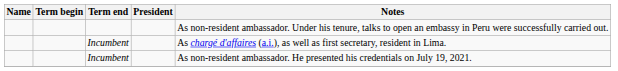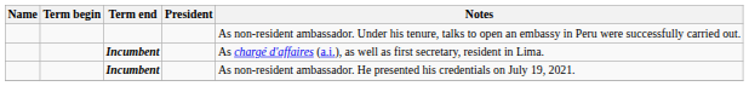 <table class="wikitable sortable"  text-align:center;">
 <tr>
 <th>Name</th>
 <th>Term begin</th>
 <th>Term end</th>
 <th>President</th>
 <th class="unsortable">Notes</th>
 </tr>
 <tr>
 <td></td>
 <td></td>
 <td></td>
 <td></td>
 <td>As non-resident ambassador. Under his tenure, talks to open an embassy in Peru were successfully carried out.</td>
 </tr>
 <tr>
 <td></td>
 <td></td>
-<td><em>Incumbent</em></td>
+<td><strong><em>Incumbent</em></strong></td>
 <td></td>
 <td>As <em><a href='#'>chargé d'affaires</a></em> (<a href='#'>a.i.</a>), as well as first secretary, resident in Lima.</td>
 </tr>
 <tr>
 <td></td>
 <td></td>
-<td><em>Incumbent</em></td>
+<td><strong><em>Incumbent</em></strong></td>
 <td></td>
 <td>As non-resident ambassador. He presented his credentials on July 19, 2021.</td>
 </tr>
 <tr>
 </tr>
 </table>
